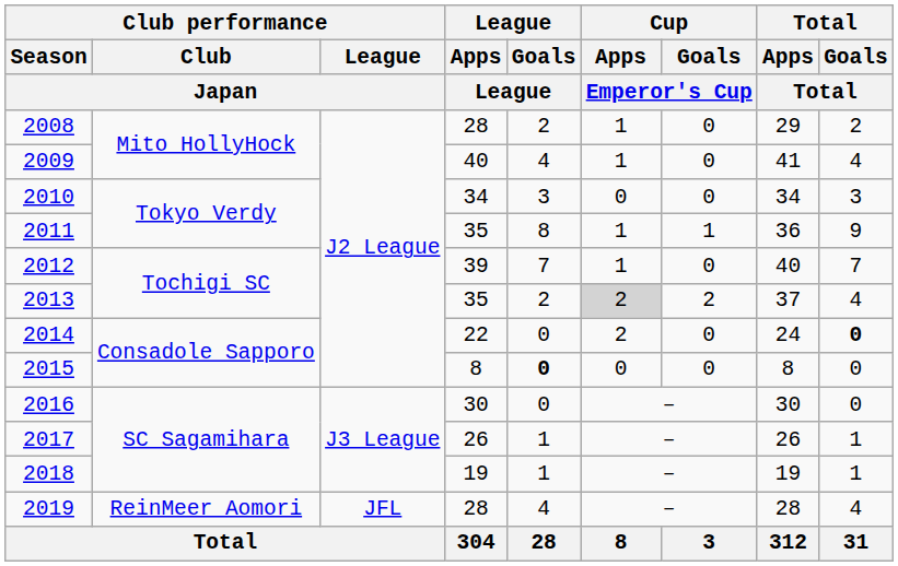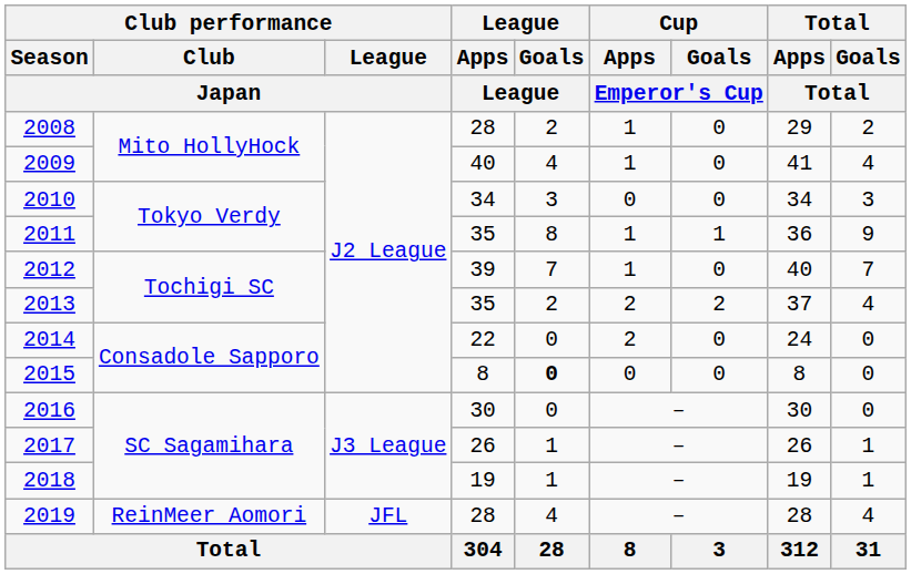 <table class="wikitable" style="text-align:center;">
 <tr>
 <th colspan=3>Club performance</th>
 <th colspan=2>League</th>
 <th colspan=2>Cup</th>
 <th colspan=2>Total</th>
 </tr>
 <tr>
 <th>Season</th>
 <th>Club</th>
 <th>League</th>
 <th>Apps</th>
 <th>Goals</th>
 <th>Apps</th>
 <th>Goals</th>
 <th>Apps</th>
 <th>Goals</th>
 </tr>
 <tr>
 <th colspan=3>Japan</th>
 <th colspan=2>League</th>
 <th colspan=2><a href='#'>Emperor's Cup</a></th>
 <th colspan=2>Total</th>
 </tr>
 <tr>
 <td><a href='#'>2008</a></td>
 <td rowspan="2"><a href='#'>Mito HollyHock</a></td>
 <td rowspan="8"><a href='#'>J2 League</a></td>
 <td>28</td>
 <td>2</td>
 <td>1</td>
 <td>0</td>
 <td>29</td>
 <td>2</td>
 </tr>
 <tr>
 <td><a href='#'>2009</a></td>
 <td>40</td>
 <td>4</td>
 <td>1</td>
 <td>0</td>
 <td>41</td>
 <td>4</td>
 </tr>
 <tr>
 <td><a href='#'>2010</a></td>
 <td rowspan="2"><a href='#'>Tokyo Verdy</a></td>
 <td>34</td>
 <td>3</td>
 <td>0</td>
 <td>0</td>
 <td>34</td>
 <td>3</td>
 </tr>
 <tr>
 <td><a href='#'>2011</a></td>
 <td>35</td>
 <td>8</td>
 <td>1</td>
 <td>1</td>
 <td>36</td>
 <td>9</td>
 </tr>
 <tr>
 <td><a href='#'>2012</a></td>
 <td rowspan="2"><a href='#'>Tochigi SC</a></td>
 <td>39</td>
 <td>7</td>
 <td>1</td>
 <td>0</td>
 <td>40</td>
 <td>7</td>
 </tr>
 <tr>
 <td><a href='#'>2013</a></td>
 <td>35</td>
 <td>2</td>
-<td style="background: lightgrey;">2</td>
+<td>2</td>
 <td>2</td>
 <td>37</td>
 <td>4</td>
 </tr>
 <tr>
 <td><a href='#'>2014</a></td>
 <td rowspan="2"><a href='#'>Consadole Sapporo</a></td>
 <td>22</td>
 <td>0</td>
 <td>2</td>
 <td>0</td>
 <td>24</td>
-<td><strong>0</strong></td>
+<td>0</td>
 </tr>
 <tr>
 <td><a href='#'>2015</a></td>
 <td>8</td>
 <td><strong>0</strong></td>
 <td>0</td>
 <td>0</td>
 <td>8</td>
 <td>0</td>
 </tr>
 <tr>
 <td><a href='#'>2016</a></td>
 <td rowspan="3"><a href='#'>SC Sagamihara</a></td>
 <td rowspan="3"><a href='#'>J3 League</a></td>
 <td>30</td>
 <td>0</td>
 <td colspan="2">–</td>
 <td>30</td>
 <td>0</td>
 </tr>
 <tr>
 <td><a href='#'>2017</a></td>
 <td>26</td>
 <td>1</td>
 <td colspan="2">–</td>
 <td>26</td>
 <td>1</td>
 </tr>
 <tr>
 <td><a href='#'>2018</a></td>
 <td>19</td>
 <td>1</td>
 <td colspan="2">–</td>
 <td>19</td>
 <td>1</td>
 </tr>
 <tr>
 <td><a href='#'>2019</a></td>
 <td rowspan="1"><a href='#'>ReinMeer Aomori</a></td>
 <td rowspan="1"><a href='#'>JFL</a></td>
 <td>28</td>
 <td>4</td>
 <td colspan="2">–</td>
 <td>28</td>
 <td>4</td>
 </tr>
 <tr>
 <th colspan=3>Total</th>
 <th>304</th>
 <th>28</th>
 <th>8</th>
 <th>3</th>
 <th>312</th>
 <th>31</th>
 </tr>
 </table>
